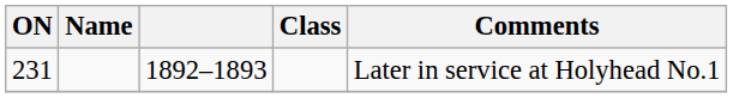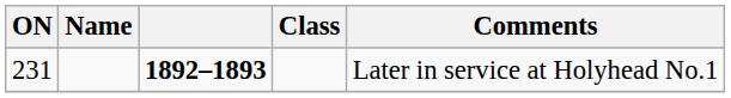 <table class="wikitable">
 <tr>
 <th>ON</th>
 <th>Name</th>
 <th></th>
 <th>Class</th>
 <th>Comments</th>
 </tr>
 <tr>
 <td>231</td>
 <td></td>
-<td>1892–1893</td>
+<td><strong>1892–1893</strong></td>
 <td></td>
 <td>Later in service at Holyhead No.1</td>
 </tr>
 <tr>
 </tr>
 </table>
